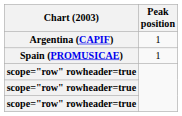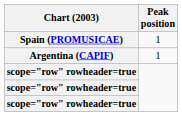 <table class="wikitable sortable plainrowheaders">
 <tr>
 <th>Chart (2003)</th>
 <th>Peak<br>position</th>
 </tr>
 <tr>
-<th scope="row">Argentina (<a href='#'>CAPIF</a>)</th>
+<th scope="row">Spain (<a href='#'>PROMUSICAE</a>)</th>
 <td style="text-align:center;">1</td>
 </tr>
 <tr>
-<th scope="row">Spain (<a href='#'>PROMUSICAE</a>)</th>
+<th scope="row">Argentina (<a href='#'>CAPIF</a>)</th>
 <td style="text-align:center;">1</td>
 </tr>
 <tr>
 <th>scope="row" rowheader=true</th>
 </tr>
 <tr>
 <th>scope="row" rowheader=true</th>
 </tr>
 <tr>
 <th>scope="row" rowheader=true</th>
 </tr>
 </table>
